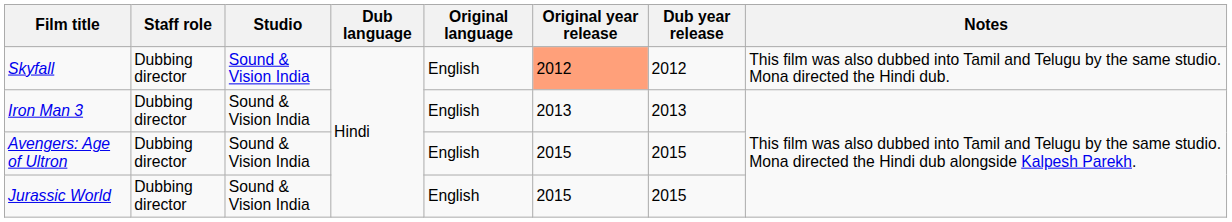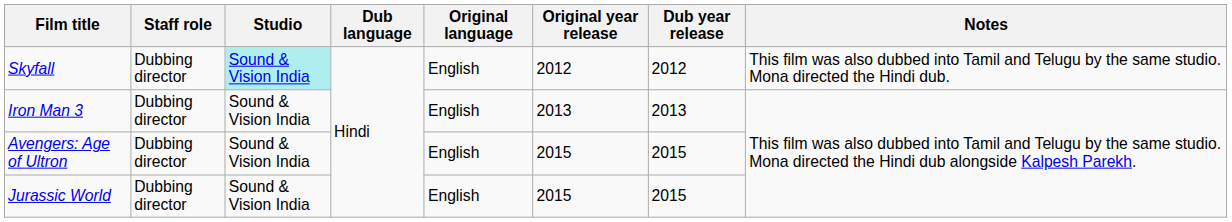 <table class="wikitable">
 <tr>
 <th>Film title</th>
 <th>Staff role</th>
 <th>Studio</th>
 <th>Dub language</th>
 <th>Original language</th>
 <th>Original year release</th>
 <th>Dub year release</th>
 <th>Notes</th>
 </tr>
 <tr>
 <td><em><a href='#'>Skyfall</a></em></td>
 <td>Dubbing director</td>
-<td><a href='#'>Sound & Vision India</a></td>
+<td style="background: paleturquoise;"><a href='#'>Sound & Vision India</a></td>
 <td rowspan="4">Hindi</td>
 <td>English</td>
-<td style="background: lightsalmon;">2012</td>
+<td>2012</td>
 <td>2012</td>
 <td>This film was also dubbed into Tamil and Telugu by the same studio. Mona directed the Hindi dub.</td>
 </tr>
 <tr>
 <td><em><a href='#'>Iron Man 3</a></em></td>
 <td>Dubbing director</td>
 <td>Sound & Vision India</td>
 <td>English</td>
 <td>2013</td>
 <td>2013</td>
 <td rowspan="3">This film was also dubbed into Tamil and Telugu by the same studio. Mona directed the Hindi dub alongside <a href='#'>Kalpesh Parekh</a>.</td>
 </tr>
 <tr>
 <td><em><a href='#'>Avengers: Age of Ultron</a></em></td>
 <td>Dubbing director</td>
 <td>Sound & Vision India</td>
 <td>English</td>
 <td>2015</td>
 <td>2015</td>
 </tr>
 <tr>
 <td><em><a href='#'>Jurassic World</a></em></td>
 <td>Dubbing director</td>
 <td>Sound & Vision India</td>
 <td>English</td>
 <td>2015</td>
 <td>2015</td>
 </tr>
 </table>
